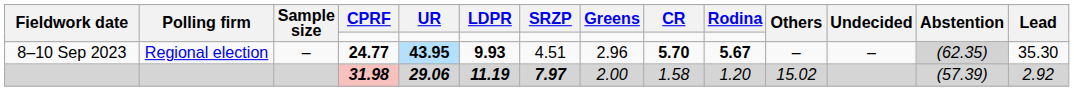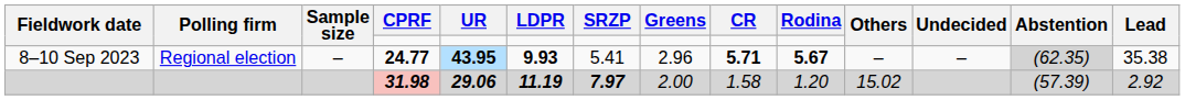 <table class=wikitable style="font-size:95%; line-height:14px; text-align:center">
 <tr>
 <th style=width:120px; rowspan=2>Fieldwork date</th>
 <th style=width:120px; rowspan=2>Polling firm</th>
 <th style=width:50px; rowspan=2>Sample<br>size</th>
 <th style="width:50px;"><a href='#'>CPRF</a></th>
 <th style="width:50px;"><a href='#'>UR</a></th>
 <th style="width:50px;"><a href='#'>LDPR</a></th>
 <th style="width:50px;"><a href='#'>SRZP</a></th>
 <th style="width:50px;"><a href='#'>Greens</a></th>
 <th style="width:50px;"><a href='#'>CR</a></th>
 <th style="width:50px;"><a href='#'>Rodina</a></th>
 <th style="width:50px;" rowspan=2>Others</th>
 <th style="width:50px;" rowspan=2>Undecided</th>
 <th style="width:50px;" rowspan=2>Abstention</th>
 <th style="width:50px;" rowspan="2">Lead</th>
 </tr>
 <tr>
 <td bgcolor=></td>
 <td bgcolor=></td>
 <td bgcolor=></td>
 <td bgcolor=></td>
 <td bgcolor=></td>
 <td bgcolor=></td>
 <td bgcolor=></td>
 </tr>
 <tr>
 <td>8–10 Sep 2023</td>
 <td><a href='#'>Regional election</a></td>
 <td>–</td>
 <td><strong>24.77</strong></td>
 <td style="background:#B3E0FF"><strong>43.95</strong></td>
 <td><strong>9.93</strong></td>
-<td>4.51</td>
+<td>5.41</td>
 <td>2.96</td>
-<td><strong>5.70</strong></td>
+<td><strong>5.71</strong></td>
 <td><strong>5.67</strong></td>
 <td>–</td>
 <td>–</td>
 <td style="background: lightgrey;"><em>(62.35)</em></td>
-<td style="background:">35.30</td>
+<td style="background:">35.38</td>
 </tr>
 <tr style="background:#D5D5D5">
 <td></td>
 <td></td>
 <td></td>
 <td style="background:#F8C1BE"><strong><em>31.98</em></strong></td>
 <td><strong><em>29.06</em></strong></td>
 <td><strong><em>11.19</em></strong></td>
 <td><strong><em>7.97</em></strong></td>
 <td><em>2.00</em></td>
 <td><em>1.58</em></td>
 <td><em>1.20</em></td>
 <td><em>15.02</em></td>
 <td></td>
 <td><em>(57.39)</em></td>
 <td style="background:"><em>2.92</em></td>
 </tr>
 </table>
